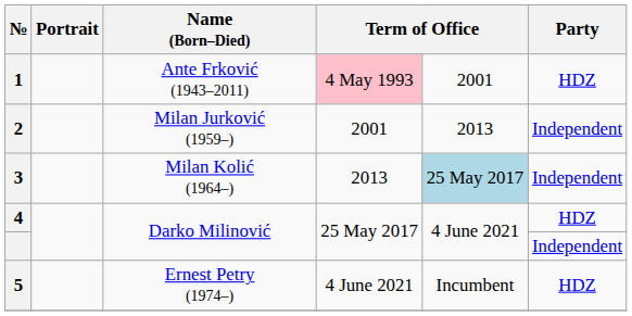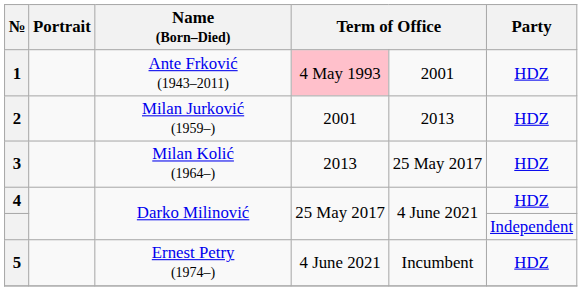 <table class="wikitable" style="text-align:center">
 <tr ->
 <th>№</th>
 <th>Portrait</th>
 <th width=180>Name<br><small>(Born–Died)</small></th>
 <th colspan=2>Term of Office</th>
 <th>Party</th>
 </tr>
 <tr ->
 <th style="background:">1</th>
 <td></td>
 <td><a href='#'>Ante Frković</a><br><small>(1943–2011)</small></td>
 <td style="background: pink;">4 May 1993</td>
 <td>2001</td>
 <td><a href='#'>HDZ</a></td>
 </tr>
 <tr ->
 <th style="background:">2</th>
 <td></td>
 <td><a href='#'>Milan Jurković</a><br><small>(1959–)</small></td>
 <td>2001</td>
 <td>2013</td>
-<td><a href='#'>Independent</a><br></td>
+<td><a href='#'>HDZ</a></td>
 </tr>
 <tr ->
 <th style="background:">3</th>
 <td></td>
 <td><a href='#'>Milan Kolić</a><br><small>(1964–)</small></td>
 <td>2013</td>
-<td style="background: lightblue;">25 May 2017</td>
-<td><a href='#'>Independent</a><br></td>
+<td>25 May 2017</td>
+<td><a href='#'>HDZ</a></td>
 </tr>
 <tr ->
 <th style="background:">4</th>
 <td rowspan="2"></td>
 <td rowspan="2"><a href='#'>Darko Milinović</a><br></td>
 <td rowspan="2">25 May 2017</td>
 <td rowspan="2">4 June 2021</td>
 <td><a href='#'>HDZ</a><br></td>
 </tr>
 <tr ->
 <th style="background:"></th>
 <td><a href='#'>Independent</a><br></td>
 </tr>
 <tr ->
 <th style="background:">5</th>
 <td></td>
 <td><a href='#'>Ernest Petry</a><br><small>(1974–)</small></td>
 <td>4 June 2021</td>
 <td>Incumbent</td>
 <td><a href='#'>HDZ</a></td>
 </tr>
 <tr ->
 </tr>
 </table>
